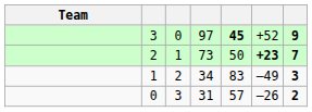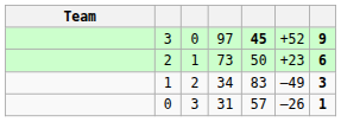 <table class="wikitable" style="text-align:center;">
 <tr>
 <th style="width:10.5em;">Team</th>
 <th style="width:1.5em;"></th>
 <th style="width:1.5em;"></th>
 <th style="width:2.0em;"></th>
 <th style="width:2.0em;"></th>
 <th style="width:2.0em;"></th>
 <th style="width:1.5em;"></th>
 </tr>
 <tr bgcolor=#cfc>
 <td align="left"></td>
 <td>3</td>
 <td>0</td>
 <td>97</td>
 <td><strong>45</strong></td>
 <td>+52</td>
 <td><strong>9</strong></td>
 </tr>
 <tr bgcolor=#cfc>
 <td align="left"></td>
 <td>2</td>
 <td>1</td>
 <td>73</td>
 <td>50</td>
-<td><strong>+23</strong></td>
-<td><strong>7</strong></td>
+<td>+23</td>
+<td><strong>6</strong></td>
 </tr>
 <tr>
 <td align="left"></td>
 <td>1</td>
 <td>2</td>
 <td>34</td>
 <td>83</td>
 <td>–49</td>
 <td><strong>3</strong></td>
 </tr>
 <tr>
 <td align="left"></td>
 <td>0</td>
 <td>3</td>
 <td>31</td>
 <td>57</td>
 <td>–26</td>
-<td><strong>2</strong></td>
+<td><strong>1</strong></td>
 </tr>
 </table>
